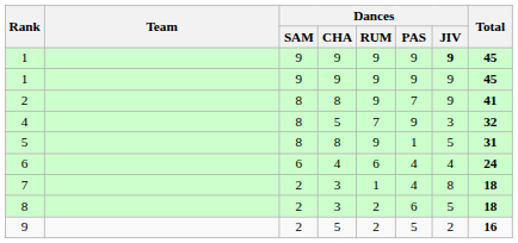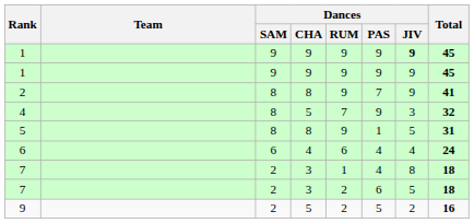 <table class=wikitable style="text-align:center">
 <tr>
 <th rowspan="2" width=40>Rank</th>
 <th rowspan="2" width=380>Team</th>
 <th colspan="5">Dances</th>
 <th rowspan="2" width=50>Total</th>
 </tr>
 <tr>
 <th width=40>SAM</th>
 <th width=40>CHA</th>
 <th width=40>RUM</th>
 <th width=40>PAS</th>
 <th width=40>JIV</th>
 </tr>
 <tr bgcolor="ccffcc">
 <td>1</td>
 <td align=left></td>
 <td>9</td>
 <td>9</td>
 <td>9</td>
 <td>9</td>
 <td><strong>9</strong></td>
 <td><strong>45</strong></td>
 </tr>
 <tr bgcolor="ccffcc">
 <td>1</td>
 <td align=left></td>
 <td>9</td>
 <td>9</td>
 <td>9</td>
 <td>9</td>
 <td>9</td>
 <td><strong>45</strong></td>
 </tr>
 <tr bgcolor="ccffcc">
 <td>2</td>
 <td align=left></td>
 <td>8</td>
 <td>8</td>
 <td>9</td>
 <td>7</td>
 <td>9</td>
 <td><strong>41</strong></td>
 </tr>
 <tr bgcolor="ccffcc">
 <td>4</td>
 <td align=left></td>
 <td>8</td>
 <td>5</td>
 <td>7</td>
 <td>9</td>
 <td>3</td>
 <td><strong>32</strong></td>
 </tr>
 <tr bgcolor="ccffcc">
 <td>5</td>
 <td align=left></td>
 <td>8</td>
 <td>8</td>
 <td>9</td>
 <td>1</td>
 <td>5</td>
 <td><strong>31</strong></td>
 </tr>
 <tr bgcolor="ccffcc">
 <td>6</td>
 <td align=left></td>
 <td>6</td>
 <td>4</td>
 <td>6</td>
 <td>4</td>
 <td>4</td>
 <td><strong>24</strong></td>
 </tr>
 <tr bgcolor="ccffcc">
 <td>7</td>
 <td align=left></td>
 <td>2</td>
 <td>3</td>
 <td>1</td>
 <td>4</td>
 <td>8</td>
 <td><strong>18</strong></td>
 </tr>
 <tr bgcolor="ccffcc">
-<td>8</td>
+<td>7</td>
 <td align=left></td>
 <td>2</td>
 <td>3</td>
 <td>2</td>
 <td>6</td>
 <td>5</td>
 <td><strong>18</strong></td>
 </tr>
 <tr>
 <td>9</td>
 <td align=left></td>
 <td>2</td>
 <td>5</td>
 <td>2</td>
 <td>5</td>
 <td>2</td>
 <td><strong>16</strong></td>
 </tr>
 </table>
